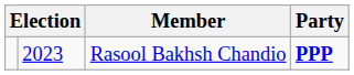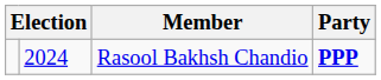 <table class="wikitable">
 <tr>
 <th colspan="2">Election</th>
 <th>Member</th>
 <th>Party</th>
 </tr>
 <tr>
 <td style="background-color: "></td>
-<td><a href='#'>2023</a></td>
+<td><a href='#'>2024</a></td>
 <td><a href='#'>Rasool Bakhsh Chandio</a></td>
 <td><strong><a href='#'>PPP</a></strong></td>
 </tr>
 </table>
